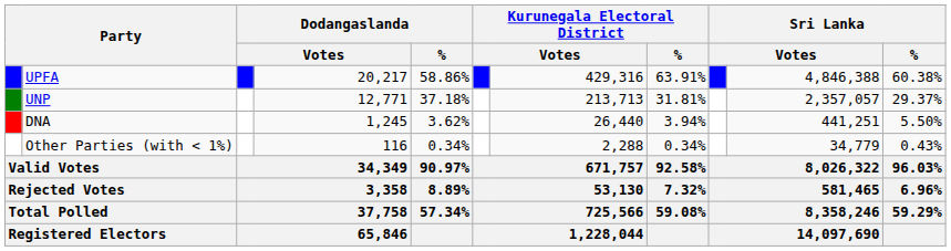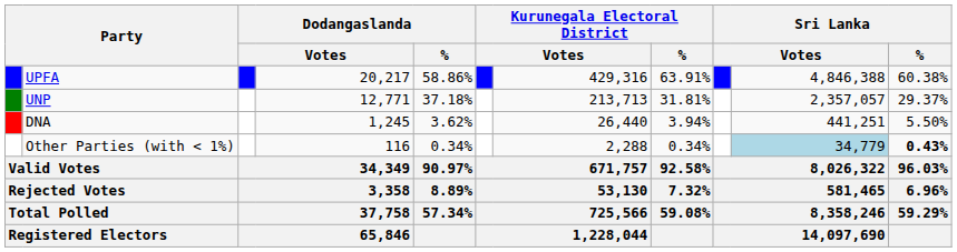 <table class="wikitable">
 <tr>
 <th colspan="2" width="144px"rowspan="2">Party</th>
 <th colspan="3" width="216px">Dodangaslanda</th>
 <th colspan="3" width="216px"><a href='#'>Kurunegala Electoral District</a></th>
 <th colspan="3" width="216px">Sri Lanka</th>
 </tr>
 <tr>
 <th colspan="2" width="144px">Votes</th>
 <th>%</th>
 <th colspan="2" width="144px">Votes</th>
 <th>%</th>
 <th colspan="2" width="144px">Votes</th>
 <th>%</th>
 </tr>
 <tr>
 <td style="background-color:blue;" width="10px"></td>
 <td style="text-align:left;"><a href='#'>UPFA</a></td>
 <td style="background-color:blue;" width="10px"></td>
 <td style="text-align:right;">20,217</td>
 <td style="text-align:right;">58.86%</td>
 <td style="background-color:blue;" width="10px"></td>
 <td style="text-align:right;">429,316</td>
 <td style="text-align:right;">63.91%</td>
 <td style="background-color:blue;" width="10px"></td>
 <td style="text-align:right;">4,846,388</td>
 <td style="text-align:right;">60.38%</td>
 </tr>
 <tr>
 <td style="background-color:green;" width="10px"></td>
 <td style="text-align:left;"><a href='#'>UNP</a></td>
 <td style="background-color:white;" width="10px"></td>
 <td style="text-align:right;">12,771</td>
 <td style="text-align:right;">37.18%</td>
 <td style="background-color:white;" width="10px"></td>
 <td style="text-align:right;">213,713</td>
 <td style="text-align:right;">31.81%</td>
 <td style="background-color:white;" width="10px"></td>
 <td style="text-align:right;">2,357,057</td>
 <td style="text-align:right;">29.37%</td>
 </tr>
 <tr>
 <td style="background-color:red;" width="10px"></td>
 <td style="text-align:left;">DNA</td>
 <td style="background-color:white;" width="10px"></td>
 <td style="text-align:right;">1,245</td>
 <td style="text-align:right;">3.62%</td>
 <td style="background-color:white;" width="10px"></td>
 <td style="text-align:right;">26,440</td>
 <td style="text-align:right;">3.94%</td>
 <td style="background-color:white;" width="10px"></td>
 <td style="text-align:right;">441,251</td>
 <td style="text-align:right;">5.50%</td>
 </tr>
 <tr>
 <td style="background-color:white;" width="10px"></td>
 <td style="text-align:left;">Other Parties (with < 1%)</td>
 <td style="background-color:white;" width="10px"></td>
 <td style="text-align:right;">116</td>
 <td style="text-align:right;">0.34%</td>
 <td style="background-color:white;" width="10px"></td>
 <td style="text-align:right;">2,288</td>
 <td style="text-align:right;">0.34%</td>
 <td style="background-color:white;" width="10px"></td>
-<td style="text-align:right;">34,779</td>
-<td style="text-align:right;">0.43%</td>
+<td style="background: lightblue; text-align:right;">34,779</td>
+<td style="text-align:right;"><strong>0.43%</strong></td>
 </tr>
 <tr>
 <th colspan="2" width="144px"style="text-align:left;">Valid Votes</th>
 <th style="text-align:right;"colspan="2" width="144px">34,349</th>
 <th style="text-align:right;">90.97%</th>
 <th style="text-align:right;"colspan="2" width="144px">671,757</th>
 <th style="text-align:right;">92.58%</th>
 <th style="text-align:right;"colspan="2" width="144px">8,026,322</th>
 <th style="text-align:right;">96.03%</th>
 </tr>
 <tr>
 <th colspan="2" width="144px"style="text-align:left;">Rejected Votes</th>
 <th style="text-align:right;"colspan="2" width="144px">3,358</th>
 <th style="text-align:right;">8.89%</th>
 <th style="text-align:right;"colspan="2" width="144px">53,130</th>
 <th style="text-align:right;">7.32%</th>
 <th style="text-align:right;"colspan="2" width="144px">581,465</th>
 <th style="text-align:right;">6.96%</th>
 </tr>
 <tr>
 <th colspan="2" width="144px"style="text-align:left;">Total Polled</th>
 <th style="text-align:right;"colspan="2" width="144px">37,758</th>
 <th style="text-align:right;">57.34%</th>
 <th style="text-align:right;"colspan="2" width="144px">725,566</th>
 <th style="text-align:right;">59.08%</th>
 <th style="text-align:right;"colspan="2" width="144px">8,358,246</th>
 <th style="text-align:right;">59.29%</th>
 </tr>
 <tr>
 <th colspan="2" width="144px"style="text-align:left;">Registered Electors</th>
 <th style="text-align:right;"colspan="2" width="144px">65,846</th>
 <th></th>
 <th style="text-align:right;"colspan="2" width="144px">1,228,044</th>
 <th></th>
 <th style="text-align:right;"colspan="2" width="144px">14,097,690</th>
 <th></th>
 </tr>
 </table>
